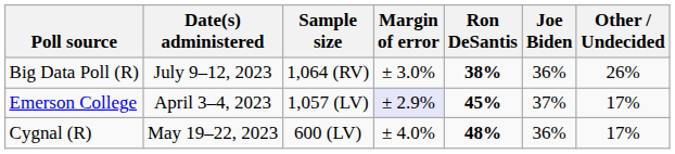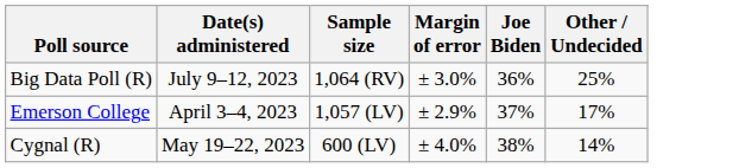 <table class="wikitable sortable mw-datatable" style="font-size:90%;text-align:center;line-height:17px">
 <tr valign=bottom>
 <th>Poll source</th>
 <th>Date(s)<br>administered</th>
 <th>Sample<br>size</th>
 <th>Margin<br>of error</th>
-<th class="unsortable">Ron<br>DeSantis<br></th>
 <th class="unsortable">Joe<br>Biden<br></th>
 <th class="unsortable">Other /<br>Undecided</th>
 </tr>
 <tr>
 <td style="text-align:left;">Big Data Poll (R)</td>
 <td>July 9–12, 2023</td>
 <td>1,064 (RV)</td>
 <td>± 3.0%</td>
-<td style="background-color:"><strong>38%</strong></td>
 <td>36%</td>
-<td>26%</td>
+<td>25%</td>
 </tr>
 <tr>
 <td style="text-align:left;"><a href='#'>Emerson College</a></td>
 <td data-sort-value=2023-04-03>April 3–4, 2023</td>
 <td>1,057 (LV)</td>
-<td style="background: lavender;">± 2.9%</td>
-<td style="background-color:"><strong>45%</strong></td>
+<td>± 2.9%</td>
 <td>37%</td>
 <td>17%</td>
 </tr>
 <tr>
 <td style="text-align:left;">Cygnal (R)</td>
 <td>May 19–22, 2023</td>
 <td>600 (LV)</td>
 <td>± 4.0%</td>
-<td style="background-color:"><strong>48%</strong></td>
-<td>36%</td>
-<td>17%</td>
+<td>38%</td>
+<td>14%</td>
 </tr>
 </table>
